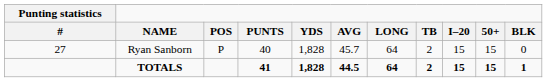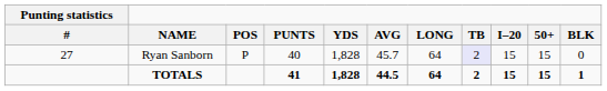 <table style="width:60%; text-align:center;" class="wikitable collapsible collapsed">
 <tr>
 <th style="text-align:center; ">Punting statistics</th>
 </tr>
 <tr>
 <th>#</th>
 <th>NAME</th>
 <th>POS</th>
 <th>PUNTS</th>
 <th>YDS</th>
 <th>AVG</th>
 <th>LONG</th>
 <th>TB</th>
 <th>I–20</th>
 <th>50+</th>
 <th>BLK</th>
 </tr>
 <tr>
 <td>27</td>
 <td>Ryan Sanborn</td>
 <td>P</td>
 <td>40</td>
 <td>1,828</td>
 <td>45.7</td>
 <td>64</td>
-<td>2</td>
+<td style="background: lavender;">2</td>
 <td>15</td>
 <td>15</td>
 <td>0</td>
 </tr>
 <tr>
 <td></td>
 <td><strong>TOTALS</strong></td>
 <td></td>
 <td><strong>41</strong></td>
 <td><strong>1,828</strong></td>
 <td><strong>44.5</strong></td>
 <td><strong>64</strong></td>
 <td><strong>2</strong></td>
 <td><strong>15</strong></td>
 <td><strong>15</strong></td>
 <td><strong>1</strong></td>
 </tr>
 </table>
